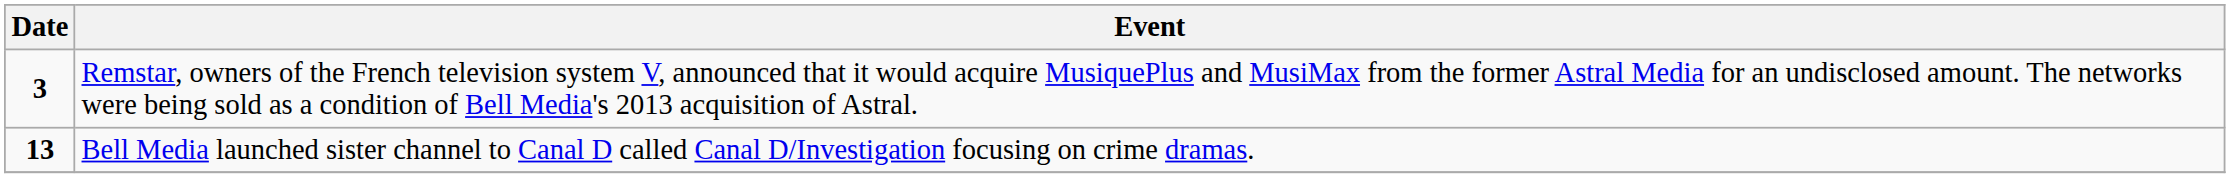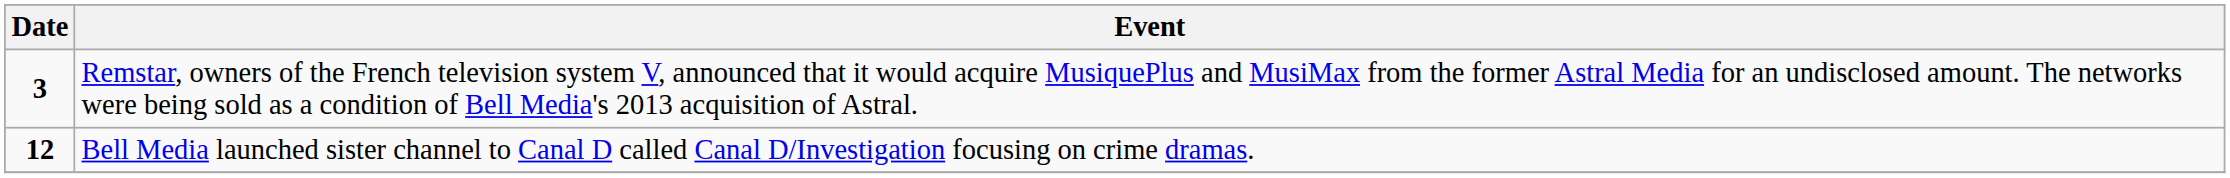 <table class="wikitable">
 <tr>
 <th>Date</th>
 <th>Event</th>
 </tr>
 <tr>
 <td style="text-align:center;"><strong>3</strong></td>
 <td><a href='#'>Remstar</a>, owners of the French television system <a href='#'>V</a>, announced that it would acquire <a href='#'>MusiquePlus</a> and <a href='#'>MusiMax</a> from the former <a href='#'>Astral Media</a> for an undisclosed amount. The networks were being sold as a condition of <a href='#'>Bell Media</a>'s 2013 acquisition of Astral.</td>
 </tr>
 <tr>
-<td style="text-align:center;"><strong>13</strong></td>
+<td style="text-align:center;"><strong>12</strong></td>
 <td><a href='#'>Bell Media</a> launched sister channel to <a href='#'>Canal D</a> called <a href='#'>Canal D/Investigation</a> focusing on crime <a href='#'>dramas</a>.</td>
 </tr>
 <tr>
 </tr>
 </table>
